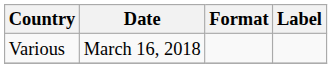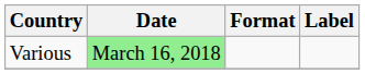 <table class="wikitable plainrowheaders">
 <tr>
 <th scope="col">Country</th>
 <th scope="col">Date</th>
 <th scope="col">Format</th>
 <th scope="col">Label</th>
 </tr>
 <tr>
 <td>Various</td>
-<td>March 16, 2018</td>
+<td style="background: lightgreen;">March 16, 2018</td>
 <td></td>
 <td></td>
 </tr>
 <tr>
 </tr>
 </table>
